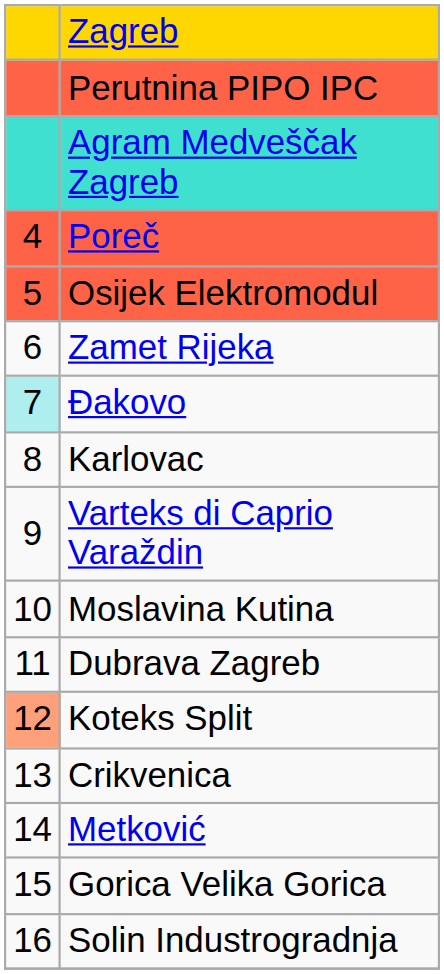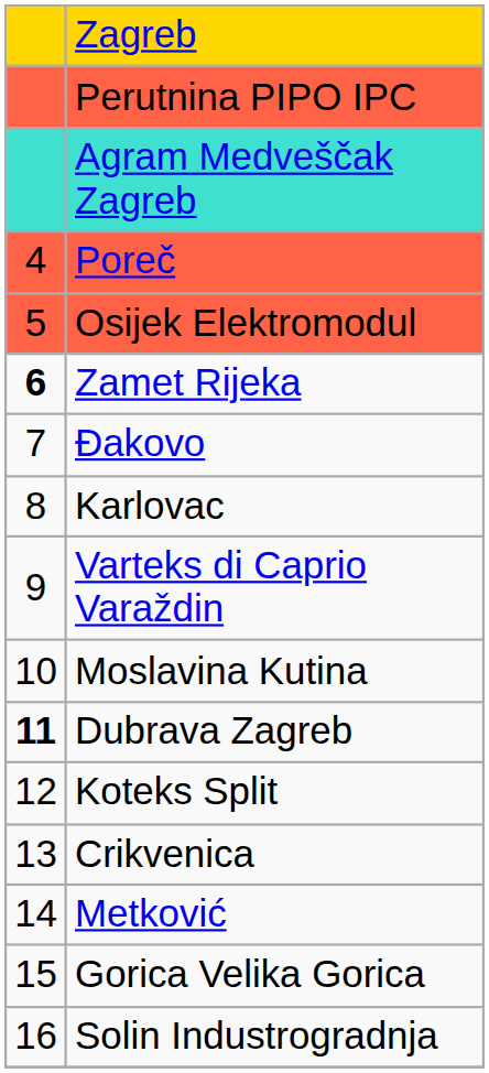 <table class="wikitable" width="200px">
 <tr bgcolor="gold">
 <td align=center></td>
 <td><a href='#'>Zagreb</a></td>
 </tr>
 <tr bgcolor="tomato">
 <td align=center></td>
 <td>Perutnina PIPO IPC</td>
 </tr>
 <tr bgcolor="turquoise">
 <td align=center></td>
 <td><a href='#'>Agram Medveščak Zagreb</a></td>
 </tr>
 <tr bgcolor="tomato">
 <td align=center>4</td>
 <td><a href='#'>Poreč</a></td>
 </tr>
 <tr bgcolor="tomato">
 <td align=center>5</td>
 <td>Osijek Elektromodul</td>
 </tr>
 <tr>
-<td align=center>6</td>
+<td align=center><strong>6</strong></td>
 <td><a href='#'>Zamet Rijeka</a></td>
 </tr>
 <tr>
-<td align=center style="background: paleturquoise;">7</td>
+<td align=center>7</td>
 <td><a href='#'>Đakovo</a></td>
 </tr>
 <tr>
 <td align=center>8</td>
 <td>Karlovac</td>
 </tr>
 <tr>
 <td align=center>9</td>
 <td><a href='#'>Varteks di Caprio Varaždin</a></td>
 </tr>
 <tr>
 <td align=center>10</td>
 <td>Moslavina Kutina</td>
 </tr>
 <tr>
-<td align=center>11</td>
+<td align=center><strong>11</strong></td>
 <td>Dubrava Zagreb</td>
 </tr>
 <tr>
-<td align=center style="background: lightsalmon;">12</td>
+<td align=center>12</td>
 <td>Koteks Split</td>
 </tr>
 <tr>
 <td align=center>13</td>
 <td>Crikvenica</td>
 </tr>
 <tr>
 <td align=center>14</td>
 <td><a href='#'>Metković</a></td>
 </tr>
 <tr>
 <td align=center>15</td>
 <td>Gorica Velika Gorica</td>
 </tr>
 <tr>
 <td align=center>16</td>
 <td>Solin Industrogradnja</td>
 </tr>
 <tr>
 </tr>
 </table>
